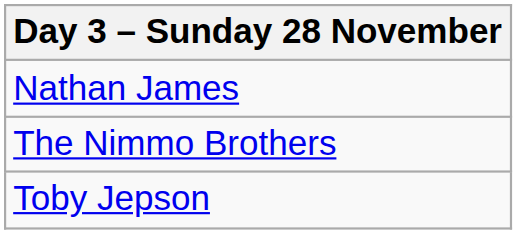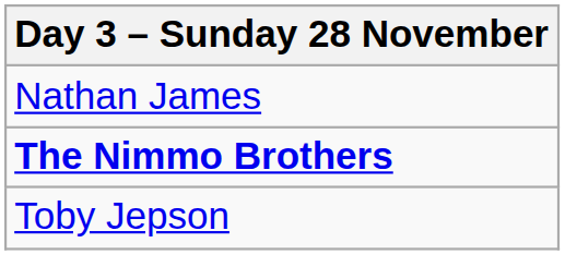 <table class="wikitable">
 <tr>
 <th>Day 3 – Sunday 28 November</th>
 </tr>
 <tr>
 <td><a href='#'>Nathan James</a></td>
 </tr>
 <tr>
-<td><a href='#'>The Nimmo Brothers</a></td>
+<td><strong><a href='#'>The Nimmo Brothers</a></strong></td>
 </tr>
 <tr>
 <td><a href='#'>Toby Jepson</a></td>
 </tr>
 </table>
